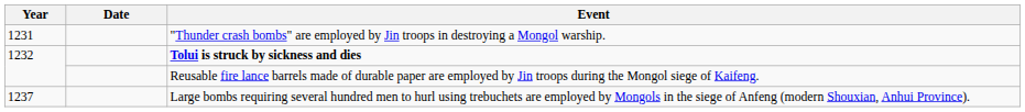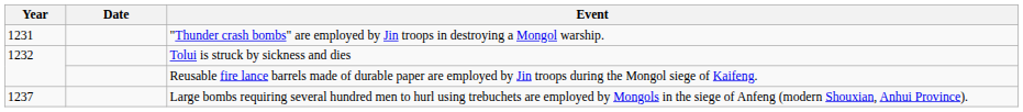 <table class="wikitable" style="width:100%;">
 <tr>
 <th style="width:6%">Year</th>
 <th style="width:10%">Date</th>
 <th>Event</th>
 </tr>
 <tr>
 <td>1231</td>
 <td></td>
 <td>"<a href='#'>Thunder crash bombs</a>" are employed by <a href='#'>Jin</a> troops in destroying a <a href='#'>Mongol</a> warship.</td>
 </tr>
 <tr>
 <td rowspan="2" style="vertical-align:top;">1232</td>
 <td></td>
-<td><strong><a href='#'>Tolui</a> is struck by sickness and dies</strong></td>
+<td><a href='#'>Tolui</a> is struck by sickness and dies</td>
 </tr>
 <tr>
 <td></td>
 <td>Reusable <a href='#'>fire lance</a> barrels made of durable paper are employed by <a href='#'>Jin</a> troops during the Mongol siege of <a href='#'>Kaifeng</a>.</td>
 </tr>
 <tr>
 <td>1237</td>
 <td></td>
 <td>Large bombs requiring several hundred men to hurl using trebuchets are employed by <a href='#'>Mongols</a> in the siege of Anfeng (modern <a href='#'>Shouxian</a>, <a href='#'>Anhui Province</a>).</td>
 </tr>
 </table>
